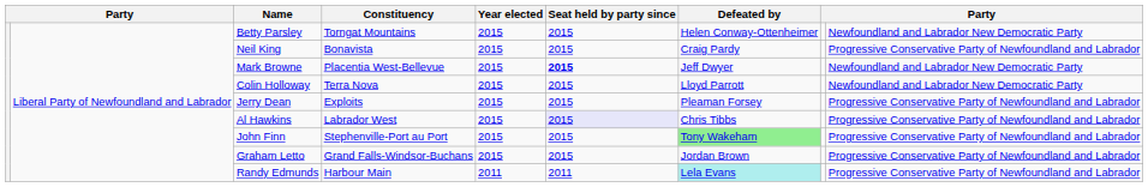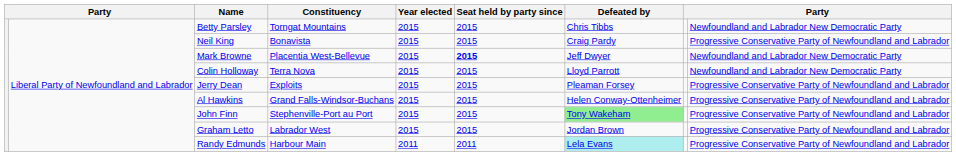 <table class="wikitable sortable" style="font-size: 95%;">
 <tr>
 <th colspan="2">Party</th>
 <th>Name</th>
 <th>Constituency</th>
 <th>Year elected</th>
 <th>Seat held by party since</th>
 <th>Defeated by</th>
 <th colspan="2">Party</th>
 </tr>
 <tr>
 <th rowspan="9" style="background:"></th>
 <td rowspan="9"><a href='#'>Liberal Party of Newfoundland and Labrador</a></td>
 <td><a href='#'>Betty Parsley</a></td>
 <td><a href='#'>Torngat Mountains</a></td>
 <td><a href='#'>2015</a></td>
 <td><a href='#'>2015</a></td>
-<td><a href='#'>Helen Conway-Ottenheimer</a></td>
+<td><a href='#'>Chris Tibbs</a></td>
 <td style="background:"></td>
 <td><a href='#'>Newfoundland and Labrador New Democratic Party</a></td>
 </tr>
 <tr>
 <td><a href='#'>Neil King</a></td>
 <td><a href='#'>Bonavista</a></td>
 <td><a href='#'>2015</a></td>
 <td><a href='#'>2015</a></td>
 <td><a href='#'>Craig Pardy</a></td>
 <td style="background:"></td>
 <td><a href='#'>Progressive Conservative Party of Newfoundland and Labrador</a></td>
 </tr>
 <tr>
 <td><a href='#'>Mark Browne</a></td>
 <td><a href='#'>Placentia West-Bellevue</a></td>
 <td><a href='#'>2015</a></td>
 <td><strong><a href='#'>2015</a></strong></td>
 <td><a href='#'>Jeff Dwyer</a></td>
 <td style="background:"></td>
 <td><a href='#'>Newfoundland and Labrador New Democratic Party</a></td>
 </tr>
 <tr>
 <td><a href='#'>Colin Holloway</a></td>
 <td><a href='#'>Terra Nova</a></td>
 <td><a href='#'>2015</a></td>
 <td><a href='#'>2015</a></td>
 <td><a href='#'>Lloyd Parrott</a></td>
 <td style="background:"></td>
 <td><a href='#'>Newfoundland and Labrador New Democratic Party</a></td>
 </tr>
 <tr>
 <td><a href='#'>Jerry Dean</a></td>
 <td><a href='#'>Exploits</a></td>
 <td><a href='#'>2015</a></td>
 <td><a href='#'>2015</a></td>
 <td><a href='#'>Pleaman Forsey</a></td>
 <td style="background:"></td>
 <td><a href='#'>Progressive Conservative Party of Newfoundland and Labrador</a></td>
 </tr>
 <tr>
 <td><a href='#'>Al Hawkins</a></td>
-<td><a href='#'>Labrador West</a></td>
+<td><a href='#'>Grand Falls-Windsor-Buchans</a></td>
 <td><a href='#'>2015</a></td>
-<td style="background: lavender;"><a href='#'>2015</a></td>
-<td><a href='#'>Chris Tibbs</a></td>
+<td><a href='#'>2015</a></td>
+<td><a href='#'>Helen Conway-Ottenheimer</a></td>
 <td style="background:"></td>
 <td><a href='#'>Progressive Conservative Party of Newfoundland and Labrador</a></td>
 </tr>
 <tr>
 <td><a href='#'>John Finn</a></td>
 <td><a href='#'>Stephenville-Port au Port</a></td>
 <td><a href='#'>2015</a></td>
 <td><a href='#'>2015</a></td>
 <td style="background: lightgreen;"><a href='#'>Tony Wakeham</a></td>
 <td style="background:"></td>
 <td><a href='#'>Progressive Conservative Party of Newfoundland and Labrador</a></td>
 </tr>
 <tr>
 <td><a href='#'>Graham Letto</a></td>
-<td><a href='#'>Grand Falls-Windsor-Buchans</a></td>
+<td><a href='#'>Labrador West</a></td>
 <td><a href='#'>2015</a></td>
 <td><a href='#'>2015</a></td>
 <td><a href='#'>Jordan Brown</a></td>
 <td style="background:"></td>
 <td><a href='#'>Progressive Conservative Party of Newfoundland and Labrador</a></td>
 </tr>
 <tr>
 <td><a href='#'>Randy Edmunds</a></td>
 <td><a href='#'>Harbour Main</a></td>
 <td><a href='#'>2011</a></td>
 <td><a href='#'>2011</a></td>
 <td style="background: paleturquoise;"><a href='#'>Lela Evans</a></td>
 <td style="background:"></td>
 <td><a href='#'>Progressive Conservative Party of Newfoundland and Labrador</a></td>
 </tr>
 </table>
